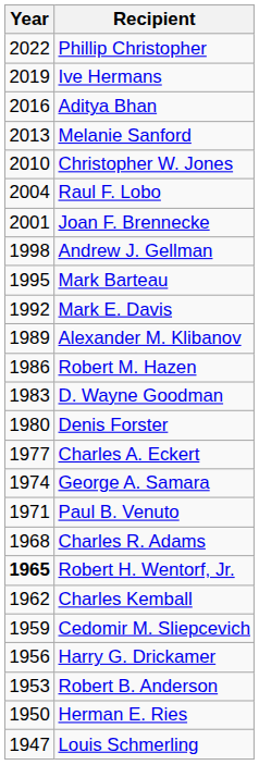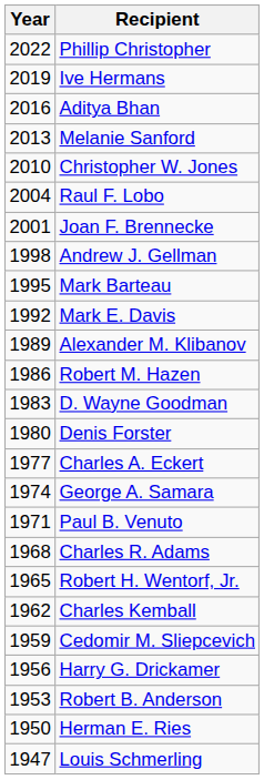 <table class="wikitable">
 <tr>
 <th>Year</th>
 <th>Recipient</th>
 </tr>
 <tr>
 <td>2022</td>
 <td><a href='#'>Phillip Christopher</a></td>
 </tr>
 <tr>
 <td>2019</td>
 <td><a href='#'>Ive Hermans</a></td>
 </tr>
 <tr>
 <td>2016</td>
 <td><a href='#'>Aditya Bhan</a></td>
 </tr>
 <tr>
 <td>2013</td>
 <td><a href='#'>Melanie Sanford</a></td>
 </tr>
 <tr>
 <td>2010</td>
 <td><a href='#'>Christopher W. Jones</a></td>
 </tr>
 <tr>
 <td>2004</td>
 <td><a href='#'>Raul F. Lobo</a></td>
 </tr>
 <tr>
 <td>2001</td>
 <td><a href='#'>Joan F. Brennecke</a></td>
 </tr>
 <tr>
 <td>1998</td>
 <td><a href='#'>Andrew J. Gellman</a></td>
 </tr>
 <tr>
 <td>1995</td>
 <td><a href='#'>Mark Barteau</a></td>
 </tr>
 <tr>
 <td>1992</td>
 <td><a href='#'>Mark E. Davis</a></td>
 </tr>
 <tr>
 <td>1989</td>
 <td><a href='#'>Alexander M. Klibanov</a></td>
 </tr>
 <tr>
 <td>1986</td>
 <td><a href='#'>Robert M. Hazen</a></td>
 </tr>
 <tr>
 <td>1983</td>
 <td><a href='#'>D. Wayne Goodman</a></td>
 </tr>
 <tr>
 <td>1980</td>
 <td><a href='#'>Denis Forster</a></td>
 </tr>
 <tr>
 <td>1977</td>
 <td><a href='#'>Charles A. Eckert</a></td>
 </tr>
 <tr>
 <td>1974</td>
 <td><a href='#'>George A. Samara</a></td>
 </tr>
 <tr>
 <td>1971</td>
 <td><a href='#'>Paul B. Venuto</a></td>
 </tr>
 <tr>
 <td>1968</td>
 <td><a href='#'>Charles R. Adams</a></td>
 </tr>
 <tr>
-<td><strong>1965</strong></td>
+<td>1965</td>
 <td><a href='#'>Robert H. Wentorf, Jr.</a></td>
 </tr>
 <tr>
 <td>1962</td>
 <td><a href='#'>Charles Kemball</a></td>
 </tr>
 <tr>
 <td>1959</td>
 <td><a href='#'>Cedomir M. Sliepcevich</a></td>
 </tr>
 <tr>
 <td>1956</td>
 <td><a href='#'>Harry G. Drickamer</a></td>
 </tr>
 <tr>
 <td>1953</td>
 <td><a href='#'>Robert B. Anderson</a></td>
 </tr>
 <tr>
 <td>1950</td>
 <td><a href='#'>Herman E. Ries</a></td>
 </tr>
 <tr>
 <td>1947</td>
 <td><a href='#'>Louis Schmerling</a></td>
 </tr>
 </table>
